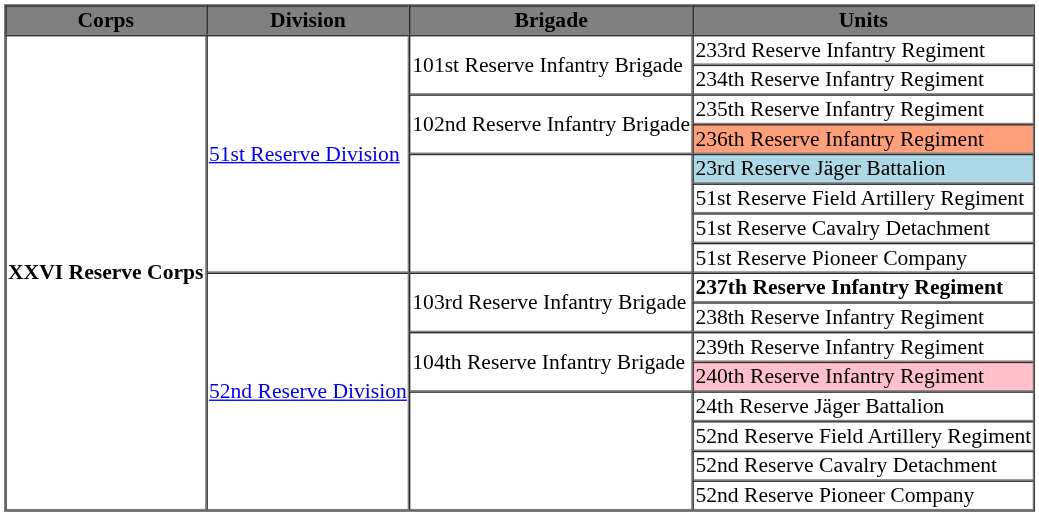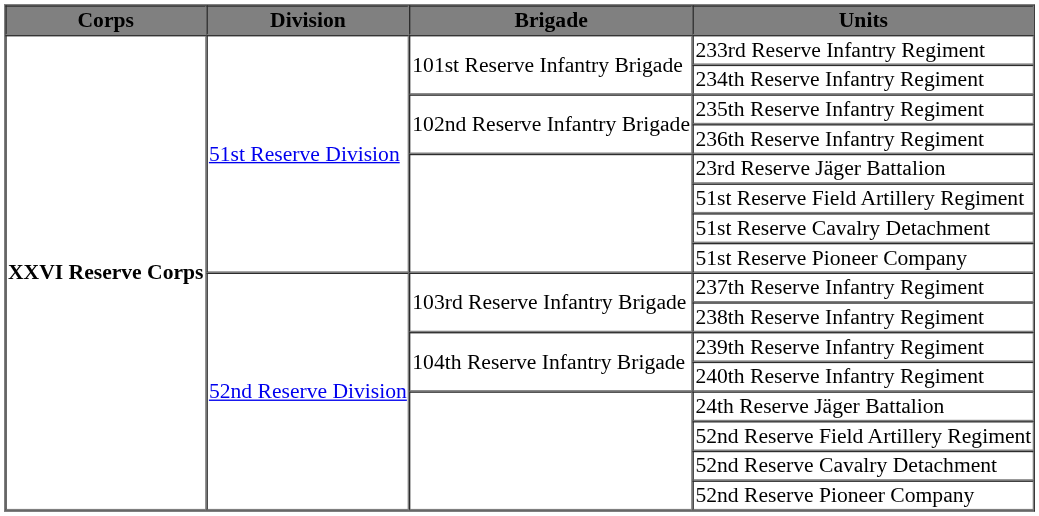 <table style="float: right;" border="1" cellpadding="1" cellspacing="0" style="font-size: 100%; border: gray solid 1px; border-collapse: collapse; text-align: center;">
 <tr style="background-color:grey; color:black;">
 <th>Corps</th>
 <th>Division</th>
 <th>Brigade</th>
 <th>Units</th>
 </tr>
 <tr>
 <td ROWSPAN=16><strong>XXVI Reserve Corps</strong></td>
 <td ROWSPAN=8><a href='#'>51st Reserve Division</a></td>
 <td ROWSPAN=2>101st Reserve Infantry Brigade</td>
 <td>233rd Reserve Infantry Regiment</td>
 </tr>
 <tr>
 <td>234th Reserve Infantry Regiment</td>
 </tr>
 <tr>
 <td ROWSPAN=2>102nd Reserve Infantry Brigade</td>
 <td>235th Reserve Infantry Regiment</td>
 </tr>
 <tr>
-<td style="background: lightsalmon;">236th Reserve Infantry Regiment</td>
+<td>236th Reserve Infantry Regiment</td>
 </tr>
 <tr>
 <td ROWSPAN=4></td>
-<td style="background: lightblue;">23rd Reserve Jäger Battalion</td>
+<td>23rd Reserve Jäger Battalion</td>
 </tr>
 <tr>
 <td>51st Reserve Field Artillery Regiment</td>
 </tr>
 <tr>
 <td>51st Reserve Cavalry Detachment</td>
 </tr>
 <tr>
 <td>51st Reserve Pioneer Company</td>
 </tr>
 <tr>
 <td ROWSPAN=8><a href='#'>52nd Reserve Division</a></td>
 <td ROWSPAN=2>103rd Reserve Infantry Brigade</td>
-<td><strong>237th Reserve Infantry Regiment</strong></td>
+<td>237th Reserve Infantry Regiment</td>
 </tr>
 <tr>
 <td>238th Reserve Infantry Regiment</td>
 </tr>
 <tr>
 <td ROWSPAN=2>104th Reserve Infantry Brigade</td>
 <td>239th Reserve Infantry Regiment</td>
 </tr>
 <tr>
-<td style="background: pink;">240th Reserve Infantry Regiment</td>
+<td>240th Reserve Infantry Regiment</td>
 </tr>
 <tr>
 <td ROWSPAN=4></td>
 <td>24th Reserve Jäger Battalion</td>
 </tr>
 <tr>
 <td>52nd Reserve Field Artillery Regiment</td>
 </tr>
 <tr>
 <td>52nd Reserve Cavalry Detachment</td>
 </tr>
 <tr>
 <td>52nd Reserve Pioneer Company</td>
 </tr>
 <tr>
 </tr>
 </table>
